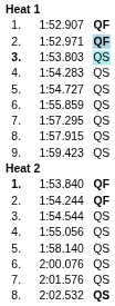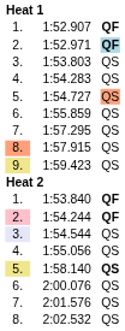 <table style="text-align:center">
 <tr>
 <td colspan=4 align=left><strong>Heat 1</strong></td>
 </tr>
 <tr>
 <td width=30>1.</td>
 <td align=left></td>
 <td width=80>1:52.907</td>
 <td><strong>QF</strong></td>
 </tr>
 <tr>
 <td>2.</td>
 <td align=left></td>
 <td>1:52.971</td>
 <td style="background: lightblue;"><strong>QF</strong></td>
 </tr>
 <tr>
-<td><strong>3.</strong></td>
+<td>3.</td>
 <td align=left></td>
 <td>1:53.803</td>
-<td style="background: paleturquoise;">QS</td>
+<td>QS</td>
 </tr>
 <tr>
 <td>4.</td>
 <td align=left></td>
 <td>1:54.283</td>
 <td>QS</td>
 </tr>
 <tr>
 <td>5.</td>
 <td align=left></td>
 <td>1:54.727</td>
-<td>QS</td>
+<td style="background: lightsalmon;">QS</td>
 </tr>
 <tr>
 <td>6.</td>
 <td align=left></td>
 <td>1:55.859</td>
 <td>QS</td>
 </tr>
 <tr>
 <td>7.</td>
 <td align=left></td>
 <td>1:57.295</td>
 <td>QS</td>
 </tr>
 <tr>
-<td>8.</td>
+<td style="background: lightsalmon;">8.</td>
 <td align=left></td>
 <td>1:57.915</td>
 <td>QS</td>
 </tr>
 <tr>
-<td>9.</td>
+<td style="background: khaki;">9.</td>
 <td align=left></td>
 <td>1:59.423</td>
 <td>QS</td>
 </tr>
 <tr>
 <td colspan=4 align=left><strong>Heat 2</strong></td>
 </tr>
 <tr>
-<td><strong>1.</strong></td>
+<td>1.</td>
 <td align=left></td>
 <td>1:53.840</td>
 <td><strong>QF</strong></td>
 </tr>
 <tr>
-<td>2.</td>
+<td style="background: pink;">2.</td>
 <td align=left></td>
 <td>1:54.244</td>
 <td><strong>QF</strong></td>
 </tr>
 <tr>
-<td>3.</td>
+<td style="background: lavender;">3.</td>
 <td align=left></td>
 <td>1:54.544</td>
 <td>QS</td>
 </tr>
 <tr>
 <td>4.</td>
 <td align=left></td>
 <td>1:55.056</td>
 <td>QS</td>
 </tr>
 <tr>
-<td>5.</td>
+<td style="background: khaki;">5.</td>
 <td align=left></td>
 <td>1:58.140</td>
-<td>QS</td>
+<td><strong>QS</strong></td>
 </tr>
 <tr>
 <td>6.</td>
 <td align=left></td>
 <td>2:00.076</td>
 <td>QS</td>
 </tr>
 <tr>
 <td>7.</td>
 <td align=left></td>
 <td>2:01.576</td>
 <td>QS</td>
 </tr>
 <tr>
 <td>8.</td>
 <td align=left></td>
 <td>2:02.532</td>
-<td><strong>QS</strong></td>
+<td>QS</td>
 </tr>
 </table>
